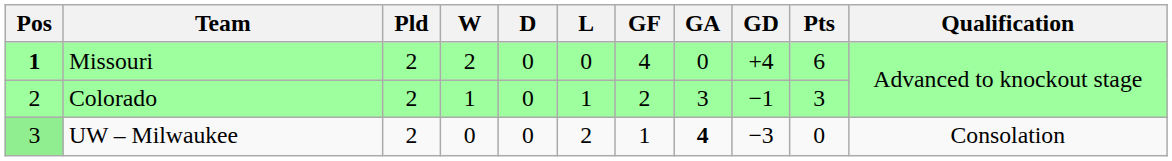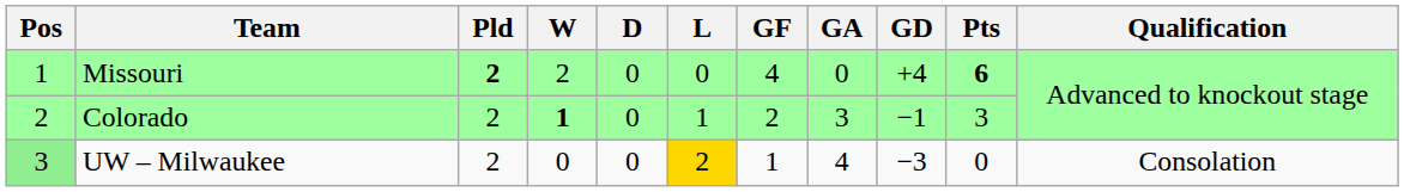 <table class="wikitable" style="text-align:center; margin: 1em auto">
 <tr>
 <th style="width:2em">Pos</th>
 <th style="width:13em">Team</th>
 <th style="width:2em">Pld</th>
 <th style="width:2em">W</th>
 <th style="width:2em">D</th>
 <th style="width:2em">L</th>
 <th style="width:2em">GF</th>
 <th style="width:2em">GA</th>
 <th style="width:2em">GD</th>
 <th style="width:2em">Pts</th>
 <th style="width:13em">Qualification</th>
 </tr>
 <tr bgcolor="#9eff9e">
-<td><strong>1</strong></td>
+<td>1</td>
 <td style="text-align:left">Missouri</td>
-<td>2</td>
+<td><strong>2</strong></td>
 <td>2</td>
 <td>0</td>
 <td>0</td>
 <td>4</td>
 <td>0</td>
 <td>+4</td>
-<td>6</td>
+<td><strong>6</strong></td>
 <td rowspan="2">Advanced to knockout stage</td>
 </tr>
 <tr bgcolor="#9eff9e">
 <td>2</td>
 <td style="text-align:left">Colorado</td>
 <td>2</td>
-<td>1</td>
+<td><strong>1</strong></td>
 <td>0</td>
 <td>1</td>
 <td>2</td>
 <td>3</td>
 <td>−1</td>
 <td>3</td>
 </tr>
 <tr>
 <td style="background: lightgreen;">3</td>
 <td style="text-align:left">UW – Milwaukee</td>
 <td>2</td>
 <td>0</td>
 <td>0</td>
-<td>2</td>
+<td style="background: gold;">2</td>
 <td>1</td>
-<td><strong>4</strong></td>
+<td>4</td>
 <td>−3</td>
 <td>0</td>
 <td>Consolation</td>
 </tr>
 </table>
